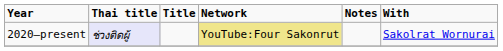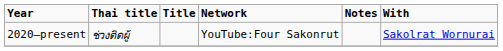 <table class="wikitable" style="font-size: 85%;">
 <tr>
 <td><strong>Year</strong></td>
 <td><strong>Thai title</strong></td>
 <td><strong>Title</strong></td>
 <td><strong>Network</strong></td>
 <td><strong>Notes</strong></td>
 <td><strong>With</strong></td>
 </tr>
 <tr>
 <td rowspan="1">2020–present</td>
-<td style="background: lavender;"><em>ช่วงติดผู้</em></td>
+<td><em>ช่วงติดผู้</em></td>
 <td><em> </em></td>
-<td style="background: khaki;">YouTube:Four Sakonrut</td>
+<td>YouTube:Four Sakonrut</td>
 <td></td>
 <td><a href='#'>Sakolrat Wornurai</a></td>
 </tr>
 <tr>
 </tr>
 </table>
